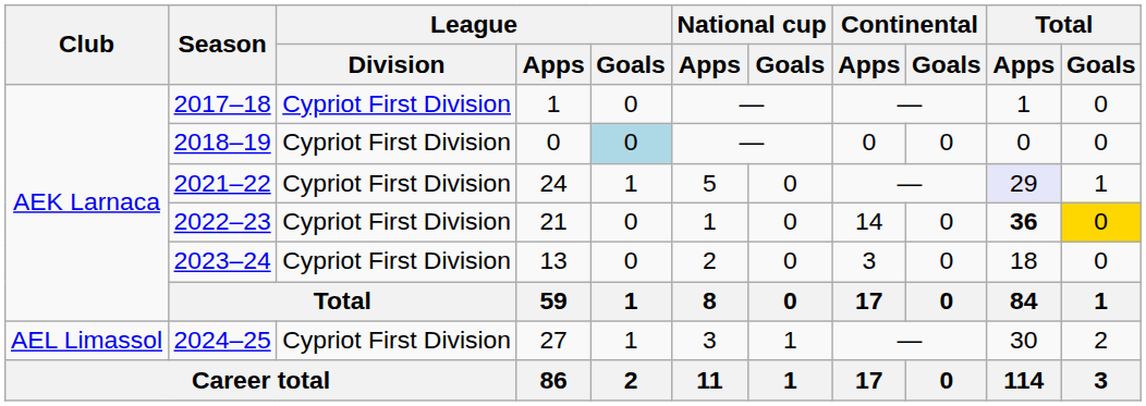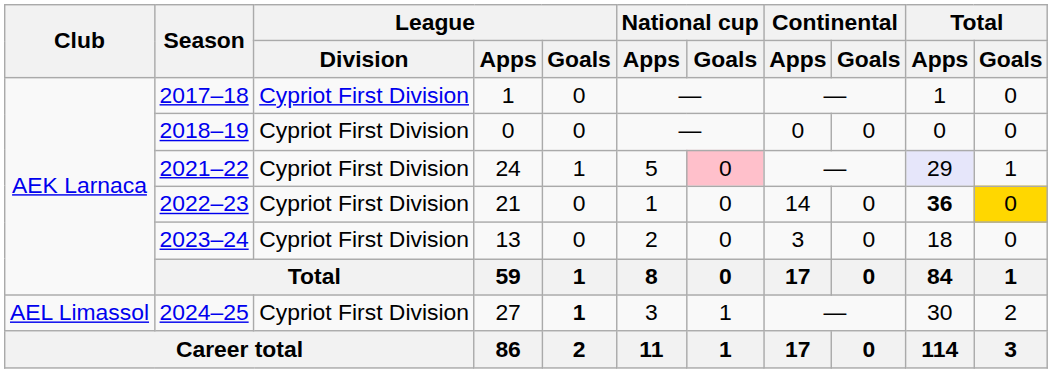 <table class=wikitable style="text-align: center">
 <tr>
 <th rowspan=2>Club</th>
 <th rowspan=2>Season</th>
 <th colspan=3>League</th>
 <th colspan=2>National cup</th>
 <th colspan=2>Continental</th>
 <th colspan=2>Total</th>
 </tr>
 <tr>
 <th>Division</th>
 <th>Apps</th>
 <th>Goals</th>
 <th>Apps</th>
 <th>Goals</th>
 <th>Apps</th>
 <th>Goals</th>
 <th>Apps</th>
 <th>Goals</th>
 </tr>
 <tr>
 <td rowspan=6><a href='#'>AEK Larnaca</a></td>
 <td><a href='#'>2017–18</a></td>
 <td><a href='#'>Cypriot First Division</a></td>
 <td>1</td>
 <td>0</td>
 <td colspan=2>—</td>
 <td colspan=2>—</td>
 <td>1</td>
 <td>0</td>
 </tr>
 <tr>
 <td><a href='#'>2018–19</a></td>
 <td>Cypriot First Division</td>
 <td>0</td>
-<td style="background: lightblue;">0</td>
+<td>0</td>
 <td colspan=2>—</td>
 <td>0</td>
 <td>0</td>
 <td>0</td>
 <td>0</td>
 </tr>
 <tr>
 <td><a href='#'>2021–22</a></td>
 <td>Cypriot First Division</td>
 <td>24</td>
 <td>1</td>
 <td>5</td>
-<td>0</td>
+<td style="background: pink;">0</td>
 <td colspan=2>—</td>
 <td style="background: lavender;">29</td>
 <td>1</td>
 </tr>
 <tr>
 <td><a href='#'>2022–23</a></td>
 <td>Cypriot First Division</td>
 <td>21</td>
 <td>0</td>
 <td>1</td>
 <td>0</td>
 <td>14</td>
 <td>0</td>
 <td><strong>36</strong></td>
 <td style="background: gold;">0</td>
 </tr>
 <tr>
 <td><a href='#'>2023–24</a></td>
 <td>Cypriot First Division</td>
 <td>13</td>
 <td>0</td>
 <td>2</td>
 <td>0</td>
 <td>3</td>
 <td>0</td>
 <td>18</td>
 <td>0</td>
 </tr>
 <tr>
 <th colspan=2>Total</th>
 <th>59</th>
 <th>1</th>
 <th>8</th>
 <th>0</th>
 <th>17</th>
 <th>0</th>
 <th>84</th>
 <th>1</th>
 </tr>
 <tr>
 <td><a href='#'>AEL Limassol</a></td>
 <td><a href='#'>2024–25</a></td>
 <td>Cypriot First Division</td>
 <td>27</td>
-<td>1</td>
+<td><strong>1</strong></td>
 <td>3</td>
 <td>1</td>
 <td colspan=2>—</td>
 <td>30</td>
 <td>2</td>
 </tr>
 <tr>
 <th colspan=3>Career total</th>
 <th>86</th>
 <th>2</th>
 <th>11</th>
 <th>1</th>
 <th>17</th>
 <th>0</th>
 <th>114</th>
 <th>3</th>
 </tr>
 </table>
